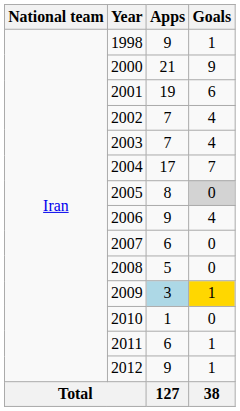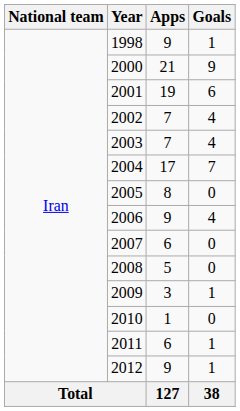 <table class="wikitable" style="text-align:center">
 <tr>
 <th>National team</th>
 <th>Year</th>
 <th>Apps</th>
 <th>Goals</th>
 </tr>
 <tr>
 <td rowspan="14"><a href='#'>Iran</a></td>
 <td>1998</td>
 <td>9</td>
 <td>1</td>
 </tr>
 <tr>
 <td>2000</td>
 <td>21</td>
 <td>9</td>
 </tr>
 <tr>
 <td>2001</td>
 <td>19</td>
 <td>6</td>
 </tr>
 <tr>
 <td>2002</td>
 <td>7</td>
 <td>4</td>
 </tr>
 <tr>
 <td>2003</td>
 <td>7</td>
 <td>4</td>
 </tr>
 <tr>
 <td>2004</td>
 <td>17</td>
 <td>7</td>
 </tr>
 <tr>
 <td>2005</td>
 <td>8</td>
-<td style="background: lightgrey;">0</td>
+<td>0</td>
 </tr>
 <tr>
 <td>2006</td>
 <td>9</td>
 <td>4</td>
 </tr>
 <tr>
 <td>2007</td>
 <td>6</td>
 <td>0</td>
 </tr>
 <tr>
 <td>2008</td>
 <td>5</td>
 <td>0</td>
 </tr>
 <tr>
 <td>2009</td>
-<td style="background: lightblue;">3</td>
-<td style="background: gold;">1</td>
+<td>3</td>
+<td>1</td>
 </tr>
 <tr>
 <td>2010</td>
 <td>1</td>
 <td>0</td>
 </tr>
 <tr>
 <td>2011</td>
 <td>6</td>
 <td>1</td>
 </tr>
 <tr>
 <td>2012</td>
 <td>9</td>
 <td>1</td>
 </tr>
 <tr>
 <th colspan="2">Total</th>
 <th>127</th>
 <th>38</th>
 </tr>
 </table>
